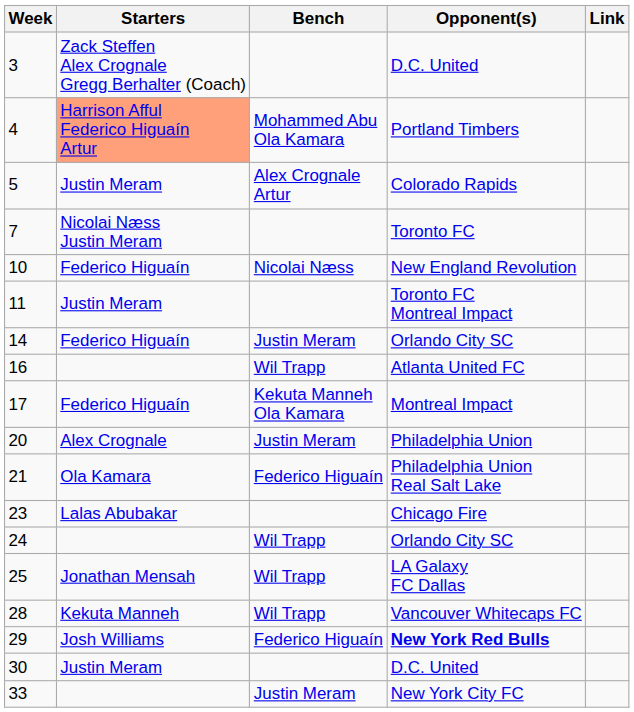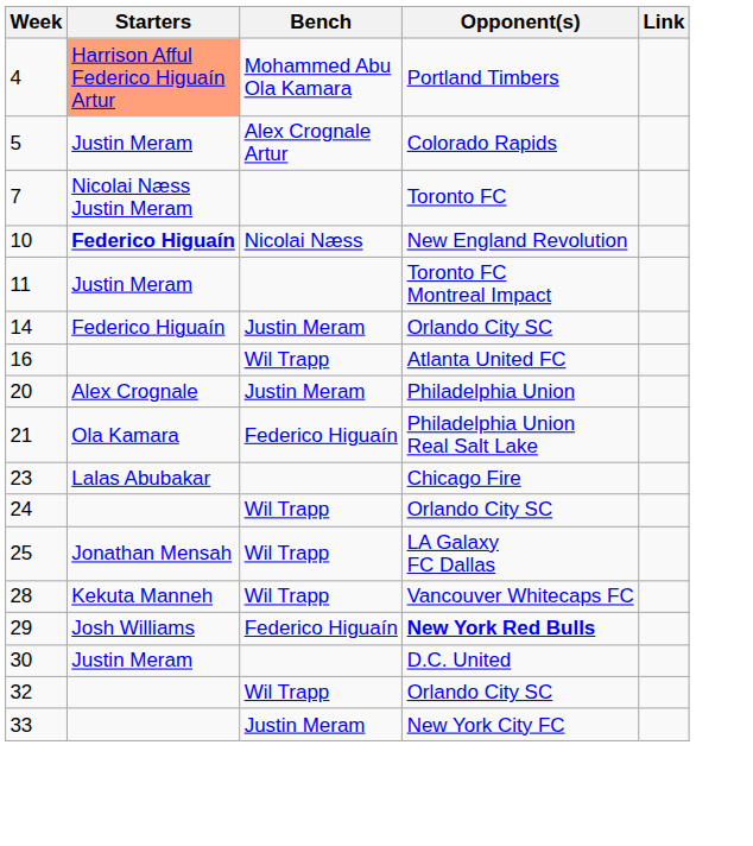 <table class=wikitable style="display:inline-table;">
 <tr>
 <th>Week</th>
 <th>Starters</th>
 <th>Bench</th>
 <th>Opponent(s)</th>
 <th>Link</th>
-</tr>
-<tr>
-<td>3</td>
-<td> <a href='#'>Zack Steffen</a><br> <a href='#'>Alex Crognale</a><br> <a href='#'>Gregg Berhalter</a> (Coach)</td>
-<td></td>
-<td> <a href='#'>D.C. United</a></td>
-<td></td>
 </tr>
 <tr>
 <td>4</td>
 <td style="background: lightsalmon;"> <a href='#'>Harrison Afful</a><br> <a href='#'>Federico Higuaín</a><br> <a href='#'>Artur</a></td>
 <td> <a href='#'>Mohammed Abu</a><br> <a href='#'>Ola Kamara</a></td>
 <td> <a href='#'>Portland Timbers</a></td>
 <td></td>
 </tr>
 <tr>
 <td>5</td>
 <td> <a href='#'>Justin Meram</a></td>
 <td> <a href='#'>Alex Crognale</a><br> <a href='#'>Artur</a></td>
 <td> <a href='#'>Colorado Rapids</a></td>
 <td></td>
 </tr>
 <tr>
 <td>7</td>
 <td> <a href='#'>Nicolai Næss</a><br> <a href='#'>Justin Meram</a></td>
 <td></td>
 <td> <a href='#'>Toronto FC</a></td>
 <td></td>
 </tr>
 <tr>
 <td>10</td>
-<td> <a href='#'>Federico Higuaín</a></td>
+<td><strong> <a href='#'>Federico Higuaín</a></strong></td>
 <td> <a href='#'>Nicolai Næss</a></td>
 <td> <a href='#'>New England Revolution</a></td>
 <td></td>
 </tr>
 <tr>
 <td>11</td>
 <td> <a href='#'>Justin Meram</a></td>
 <td></td>
 <td> <a href='#'>Toronto FC</a><br> <a href='#'>Montreal Impact</a></td>
 <td></td>
 </tr>
 <tr>
 <td>14</td>
 <td> <a href='#'>Federico Higuaín</a></td>
 <td> <a href='#'>Justin Meram</a></td>
 <td> <a href='#'>Orlando City SC</a></td>
 <td></td>
 </tr>
 <tr>
 <td>16</td>
 <td></td>
 <td> <a href='#'>Wil Trapp</a></td>
 <td> <a href='#'>Atlanta United FC</a></td>
-<td></td>
-</tr>
-<tr>
-<td>17</td>
-<td> <a href='#'>Federico Higuaín</a></td>
-<td> <a href='#'>Kekuta Manneh</a><br> <a href='#'>Ola Kamara</a></td>
-<td> <a href='#'>Montreal Impact</a></td>
 <td></td>
 </tr>
 <tr>
 <td>20</td>
 <td> <a href='#'>Alex Crognale</a></td>
 <td> <a href='#'>Justin Meram</a></td>
 <td> <a href='#'>Philadelphia Union</a></td>
 <td></td>
 </tr>
 <tr>
 <td>21</td>
 <td> <a href='#'>Ola Kamara</a></td>
 <td> <a href='#'>Federico Higuaín</a></td>
 <td> <a href='#'>Philadelphia Union</a><br> <a href='#'>Real Salt Lake</a></td>
 <td></td>
 </tr>
 <tr>
 <td>23</td>
 <td> <a href='#'>Lalas Abubakar</a></td>
 <td></td>
 <td> <a href='#'>Chicago Fire</a></td>
 <td></td>
 </tr>
 <tr>
 <td>24</td>
 <td></td>
 <td> <a href='#'>Wil Trapp</a></td>
 <td> <a href='#'>Orlando City SC</a></td>
 <td></td>
 </tr>
 <tr>
 <td>25</td>
 <td> <a href='#'>Jonathan Mensah</a></td>
 <td> <a href='#'>Wil Trapp</a></td>
 <td> <a href='#'>LA Galaxy</a><br> <a href='#'>FC Dallas</a></td>
 <td></td>
 </tr>
 <tr>
 <td>28</td>
 <td> <a href='#'>Kekuta Manneh</a></td>
 <td> <a href='#'>Wil Trapp</a></td>
 <td> <a href='#'>Vancouver Whitecaps FC</a></td>
 <td></td>
 </tr>
 <tr>
 <td>29</td>
 <td> <a href='#'>Josh Williams</a></td>
 <td> <a href='#'>Federico Higuaín</a></td>
 <td><strong> <a href='#'>New York Red Bulls</a></strong></td>
 <td></td>
 </tr>
 <tr>
 <td>30</td>
 <td> <a href='#'>Justin Meram</a></td>
 <td></td>
 <td> <a href='#'>D.C. United</a></td>
 <td></td>
 </tr>
 <tr>
+<td>32</td>
+<td></td>
+<td> <a href='#'>Wil Trapp</a></td>
+<td> <a href='#'>Orlando City SC</a></td>
+<td></td>
+</tr>
+<tr>
 <td>33</td>
 <td></td>
 <td> <a href='#'>Justin Meram</a></td>
 <td> <a href='#'>New York City FC</a></td>
 <td></td>
 </tr>
 </table>
